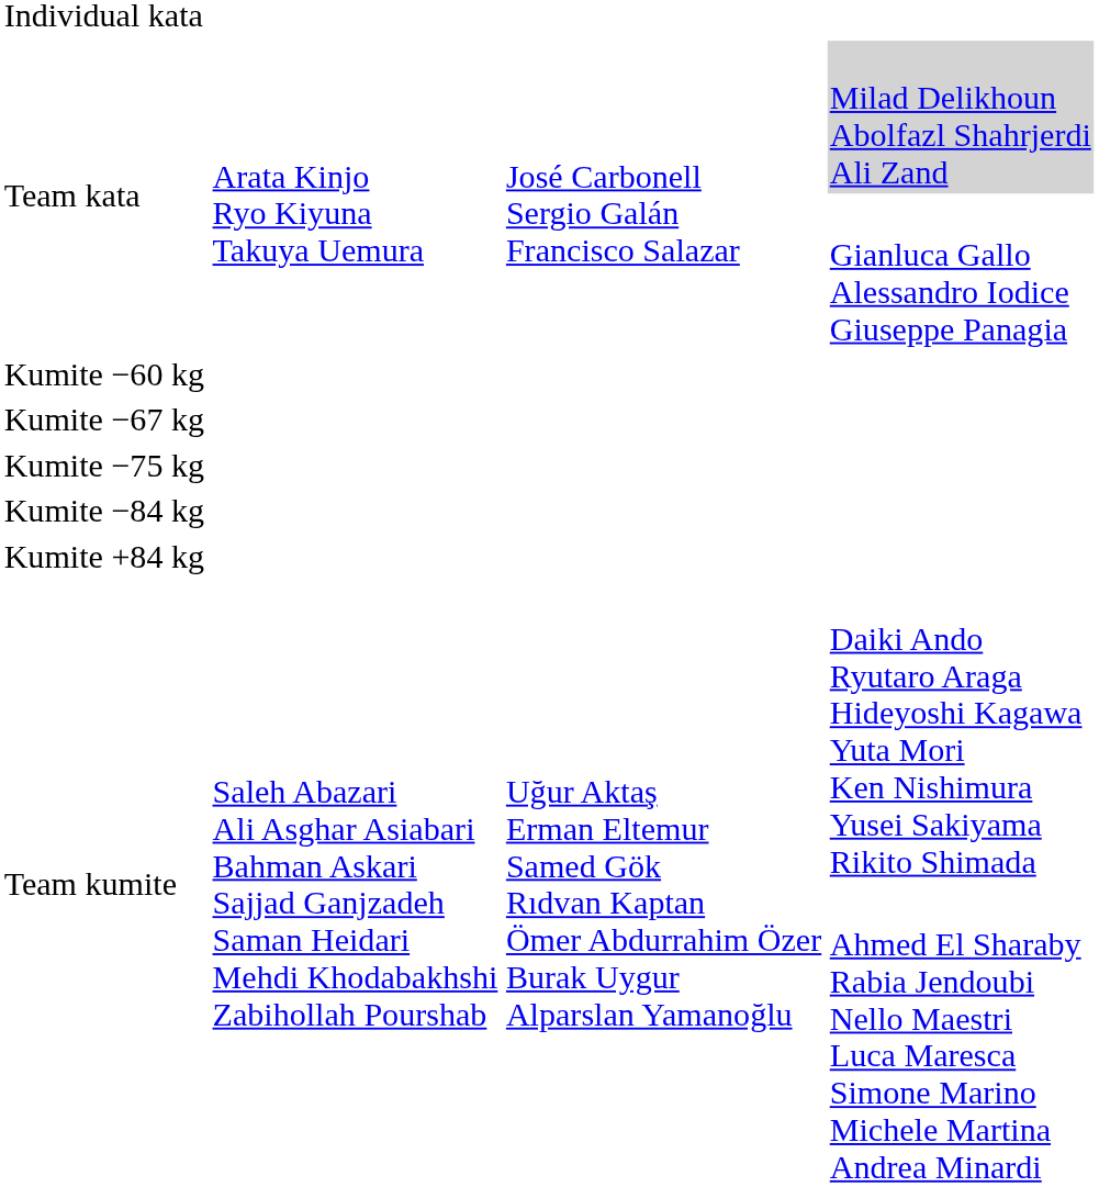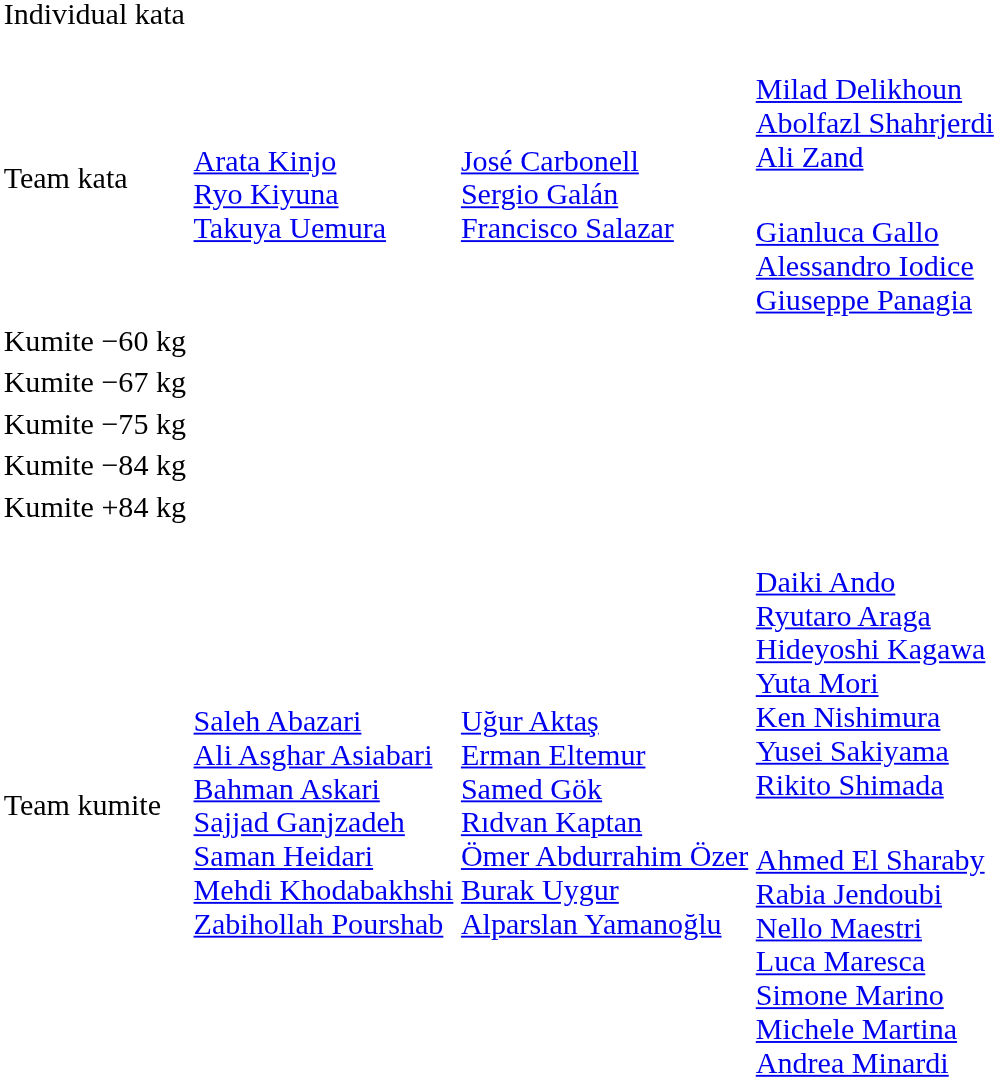 <table>
 <tr>
 <td rowspan=2>Individual kata<br></td>
 <td rowspan=2></td>
 <td rowspan=2></td>
 <td></td>
 </tr>
 <tr>
 <td></td>
 </tr>
 <tr>
 <td rowspan=2>Team kata<br></td>
 <td rowspan=2><br><a href='#'>Arata Kinjo</a><br><a href='#'>Ryo Kiyuna</a><br><a href='#'>Takuya Uemura</a></td>
 <td rowspan=2><br><a href='#'>José Carbonell</a><br><a href='#'>Sergio Galán</a><br><a href='#'>Francisco Salazar</a></td>
-<td style="background: lightgrey;"><br><a href='#'>Milad Delikhoun</a><br><a href='#'>Abolfazl Shahrjerdi</a><br><a href='#'>Ali Zand</a></td>
+<td><br><a href='#'>Milad Delikhoun</a><br><a href='#'>Abolfazl Shahrjerdi</a><br><a href='#'>Ali Zand</a></td>
 </tr>
 <tr>
 <td><br><a href='#'>Gianluca Gallo</a><br><a href='#'>Alessandro Iodice</a><br><a href='#'>Giuseppe Panagia</a></td>
 </tr>
 <tr>
 <td rowspan=2>Kumite −60 kg<br></td>
 <td rowspan=2></td>
 <td rowspan=2></td>
 <td></td>
 </tr>
 <tr>
 <td></td>
 </tr>
 <tr>
 <td rowspan=2>Kumite −67 kg<br></td>
 <td rowspan=2></td>
 <td rowspan=2></td>
 <td></td>
 </tr>
 <tr>
 <td></td>
 </tr>
 <tr>
 <td rowspan=2>Kumite −75 kg<br></td>
 <td rowspan=2></td>
 <td rowspan=2></td>
 <td></td>
 </tr>
 <tr>
 <td></td>
 </tr>
 <tr>
 <td rowspan=2>Kumite −84 kg<br></td>
 <td rowspan=2></td>
 <td rowspan=2></td>
 <td></td>
 </tr>
 <tr>
 <td></td>
 </tr>
 <tr>
 <td rowspan=2>Kumite +84 kg<br></td>
 <td rowspan=2></td>
 <td rowspan=2></td>
 <td></td>
 </tr>
 <tr>
 <td></td>
 </tr>
 <tr>
 <td rowspan=2>Team kumite<br></td>
 <td rowspan=2><br><a href='#'>Saleh Abazari</a><br><a href='#'>Ali Asghar Asiabari</a><br><a href='#'>Bahman Askari</a><br><a href='#'>Sajjad Ganjzadeh</a><br><a href='#'>Saman Heidari</a><br><a href='#'>Mehdi Khodabakhshi</a><br><a href='#'>Zabihollah Pourshab</a></td>
 <td rowspan=2><br><a href='#'>Uğur Aktaş</a><br><a href='#'>Erman Eltemur</a><br><a href='#'>Samed Gök</a><br><a href='#'>Rıdvan Kaptan</a><br><a href='#'>Ömer Abdurrahim Özer</a><br><a href='#'>Burak Uygur</a><br><a href='#'>Alparslan Yamanoğlu</a></td>
 <td><br><a href='#'>Daiki Ando</a><br><a href='#'>Ryutaro Araga</a><br><a href='#'>Hideyoshi Kagawa</a><br><a href='#'>Yuta Mori</a><br><a href='#'>Ken Nishimura</a><br><a href='#'>Yusei Sakiyama</a><br><a href='#'>Rikito Shimada</a></td>
 </tr>
 <tr>
 <td><br><a href='#'>Ahmed El Sharaby</a><br><a href='#'>Rabia Jendoubi</a><br><a href='#'>Nello Maestri</a><br><a href='#'>Luca Maresca</a><br><a href='#'>Simone Marino</a><br><a href='#'>Michele Martina</a><br><a href='#'>Andrea Minardi</a></td>
 </tr>
 </table>
